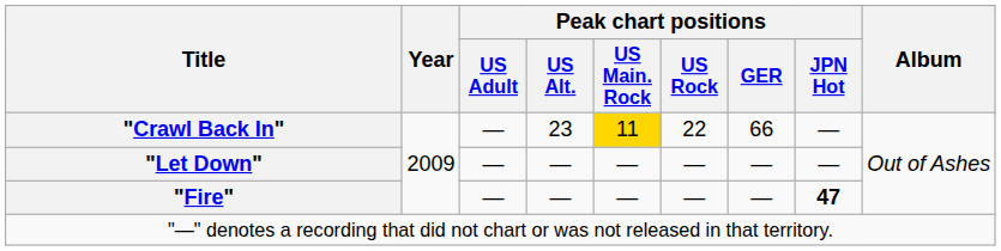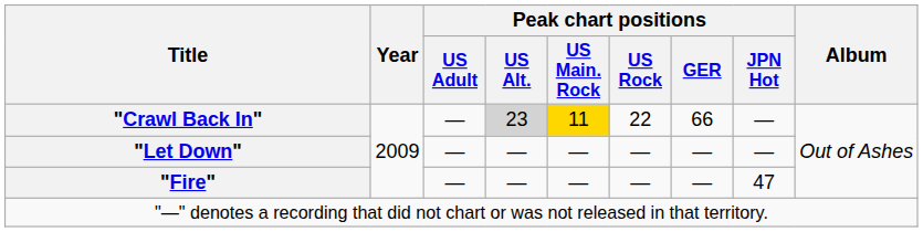 <table class="wikitable plainrowheaders" style="text-align:center;">
 <tr>
 <th scope="col" rowspan="2" style="width:18em;">Title</th>
 <th scope="col" rowspan="2">Year</th>
 <th scope="col" colspan="6">Peak chart positions</th>
 <th scope="col" rowspan="2">Album</th>
 </tr>
 <tr>
 <th scope="col" style="width:3em;font-size:90%;"><a href='#'>US<br>Adult</a><br></th>
 <th scope="col" style="width:3em;font-size:90%;"><a href='#'>US<br>Alt.</a><br></th>
 <th scope="col" style="width:3em;font-size:90%;"><a href='#'>US<br>Main. Rock</a><br></th>
 <th scope="col" style="width:3em;font-size:90%;"><a href='#'>US<br>Rock</a><br></th>
 <th scope="col" style="width:3em;font-size:90%;"><a href='#'>GER</a><br></th>
 <th scope="col" style="width:3em;font-size:90%;"><a href='#'>JPN<br>Hot</a><br></th>
 </tr>
 <tr>
 <th scope="row">"<a href='#'>Crawl Back In</a>"</th>
 <td rowspan="3">2009</td>
 <td>—</td>
-<td>23</td>
+<td style="background: lightgrey;">23</td>
 <td style="background: gold;">11</td>
 <td>22</td>
 <td>66</td>
 <td>—</td>
 <td rowspan="3"><em>Out of Ashes</em></td>
 </tr>
 <tr>
 <th scope="row">"<a href='#'>Let Down</a>"</th>
 <td>—</td>
 <td>—</td>
 <td>—</td>
 <td>—</td>
 <td>—</td>
 <td>—</td>
 </tr>
 <tr>
 <th scope="row">"<a href='#'>Fire</a>"</th>
 <td>—</td>
 <td>—</td>
 <td>—</td>
 <td>—</td>
 <td>—</td>
-<td><strong>47</strong></td>
+<td>47</td>
 </tr>
 <tr>
 <td colspan="15" style="font-size:90%">"—" denotes a recording that did not chart or was not released in that territory.</td>
 </tr>
 </table>
